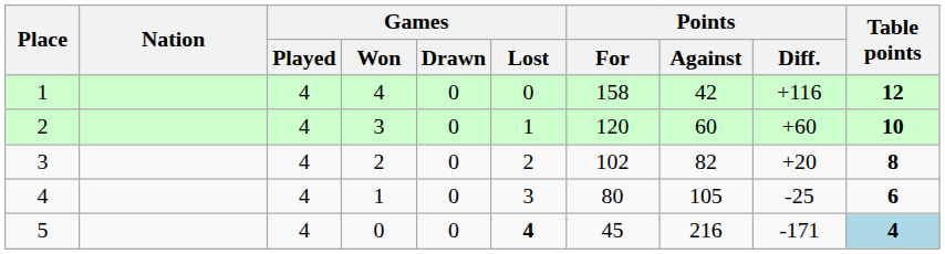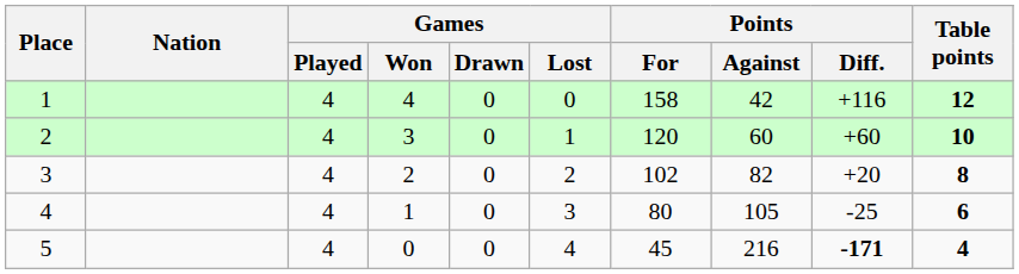 <table class="wikitable" style="text-align:center">
 <tr>
 <th rowspan="2" style="width:8%">Place</th>
 <th rowspan="2" style="width:20%">Nation</th>
 <th colspan="4" style="width:32%">Games</th>
 <th colspan="3" style="width:30%">Points</th>
 <th rowspan="2" style="width:10%">Table<br>points</th>
 </tr>
 <tr>
 <th style="width:8%">Played</th>
 <th style="width:8%">Won</th>
 <th style="width:8%">Drawn</th>
 <th style="width:8%">Lost</th>
 <th style="width:10%">For</th>
 <th style="width:10%">Against</th>
 <th style="width:10%">Diff.</th>
 </tr>
 <tr style="background:#cfc">
 <td>1</td>
 <td align=left><strong></strong></td>
 <td>4</td>
 <td>4</td>
 <td>0</td>
 <td>0</td>
 <td>158</td>
 <td>42</td>
 <td>+116</td>
 <td><strong>12</strong></td>
 </tr>
 <tr style="background:#cfc">
 <td>2</td>
 <td align=left></td>
 <td>4</td>
 <td>3</td>
 <td>0</td>
 <td>1</td>
 <td>120</td>
 <td>60</td>
 <td>+60</td>
 <td><strong>10</strong></td>
 </tr>
 <tr>
 <td>3</td>
 <td align=left></td>
 <td>4</td>
 <td>2</td>
 <td>0</td>
 <td>2</td>
 <td>102</td>
 <td>82</td>
 <td>+20</td>
 <td><strong>8</strong></td>
 </tr>
 <tr>
 <td>4</td>
 <td align=left></td>
 <td>4</td>
 <td>1</td>
 <td>0</td>
 <td>3</td>
 <td>80</td>
 <td>105</td>
 <td>-25</td>
 <td><strong>6</strong></td>
 </tr>
 <tr>
 <td>5</td>
 <td align=left><em></em></td>
 <td>4</td>
 <td>0</td>
 <td>0</td>
-<td><strong>4</strong></td>
+<td>4</td>
 <td>45</td>
 <td>216</td>
-<td>-171</td>
-<td style="background: lightblue;"><strong>4</strong></td>
+<td><strong>-171</strong></td>
+<td><strong>4</strong></td>
 </tr>
 </table>
